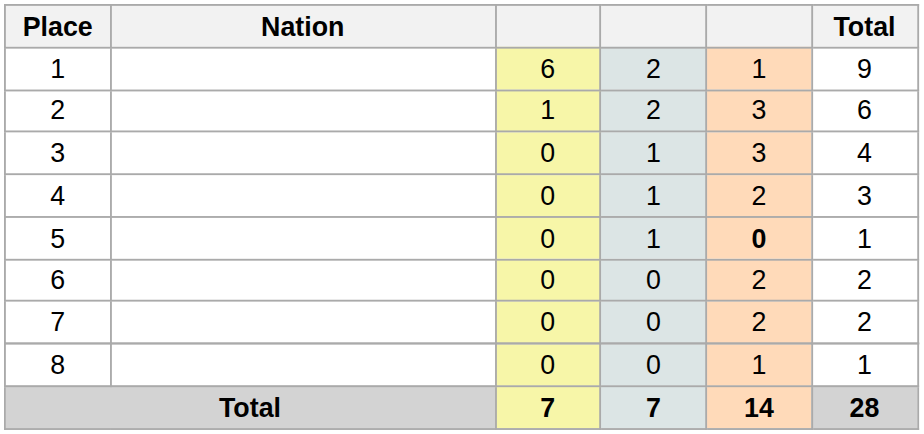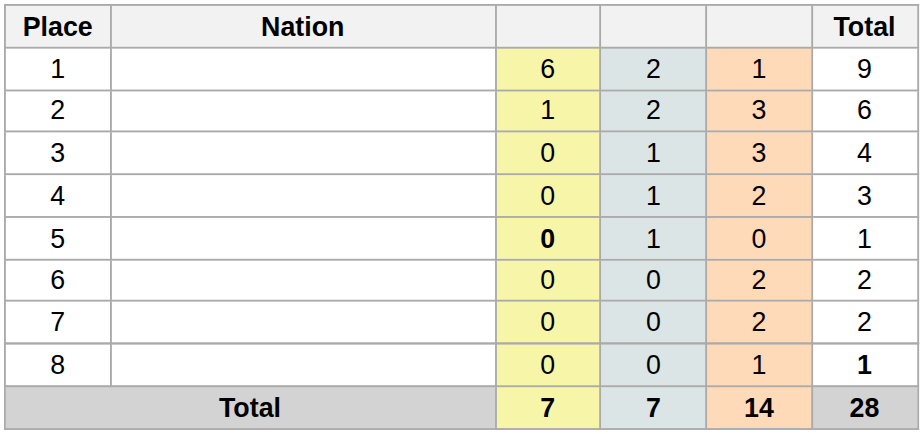 <table class=wikitable style="border:1px solid #AAAAAA;font-size:90%">
 <tr bgcolor="#EFEFEF">
 <th width=50>Place</th>
 <th width=200>Nation</th>
 <th width=50></th>
 <th width=50></th>
 <th width=50></th>
 <th width=50>Total</th>
 </tr>
 <tr align="center" valign="top" bgcolor="#FFFFFF">
 <td>1</td>
 <td align="left"></td>
 <td style="background:#F7F6A8;">6</td>
 <td style="background:#DCE5E5;">2</td>
 <td style="background:#FFDAB9;">1</td>
 <td>9</td>
 </tr>
 <tr align="center" valign="top" bgcolor="#FFFFFF">
 <td>2</td>
 <td align="left"></td>
 <td style="background:#F7F6A8;">1</td>
 <td style="background:#DCE5E5;">2</td>
 <td style="background:#FFDAB9;">3</td>
 <td>6</td>
 </tr>
 <tr align="center" valign="top" bgcolor="#FFFFFF">
 <td>3</td>
 <td align="left"></td>
 <td style="background:#F7F6A8;">0</td>
 <td style="background:#DCE5E5;">1</td>
 <td style="background:#FFDAB9;">3</td>
 <td>4</td>
 </tr>
 <tr align="center" valign="top" bgcolor="#FFFFFF">
 <td>4</td>
 <td align="left"></td>
 <td style="background:#F7F6A8;">0</td>
 <td style="background:#DCE5E5;">1</td>
 <td style="background:#FFDAB9;">2</td>
 <td>3</td>
 </tr>
 <tr align="center" valign="top" bgcolor="#FFFFFF">
 <td>5</td>
 <td align="left"></td>
-<td style="background:#F7F6A8;">0</td>
+<td style="background:#F7F6A8;"><strong>0</strong></td>
 <td style="background:#DCE5E5;">1</td>
-<td style="background:#FFDAB9;"><strong>0</strong></td>
+<td style="background:#FFDAB9;">0</td>
 <td>1</td>
 </tr>
 <tr align="center" valign="top" bgcolor="#FFFFFF">
 <td>6</td>
 <td align="left"></td>
 <td style="background:#F7F6A8;">0</td>
 <td style="background:#DCE5E5;">0</td>
 <td style="background:#FFDAB9;">2</td>
 <td>2</td>
 </tr>
 <tr align="center" valign="top" bgcolor="#FFFFFF">
 <td>7</td>
 <td align="left"></td>
 <td style="background:#F7F6A8;">0</td>
 <td style="background:#DCE5E5;">0</td>
 <td style="background:#FFDAB9;">2</td>
 <td>2</td>
 </tr>
 <tr align="center" valign="top" bgcolor="#FFFFFF">
 </tr>
 <tr align="center" valign="top" bgcolor="#FFFFFF">
 <td>8</td>
 <td align="left"></td>
 <td style="background:#F7F6A8;">0</td>
 <td style="background:#DCE5E5;">0</td>
 <td style="background:#FFDAB9;">1</td>
-<td>1</td>
+<td><strong>1</strong></td>
 </tr>
 <tr align="center" valign="top" bgcolor="#FFFFFF">
 <td colspan="2" bgcolor=D3D3D3><strong>Total</strong></td>
 <td style="background:#F7F6A8;"><strong>7</strong></td>
 <td style="background:#DCE5E5;"><strong>7</strong></td>
 <td style="background:#FFDAB9;"><strong>14</strong></td>
 <td bgcolor=D3D3D3><strong>28</strong></td>
 </tr>
 </table>
